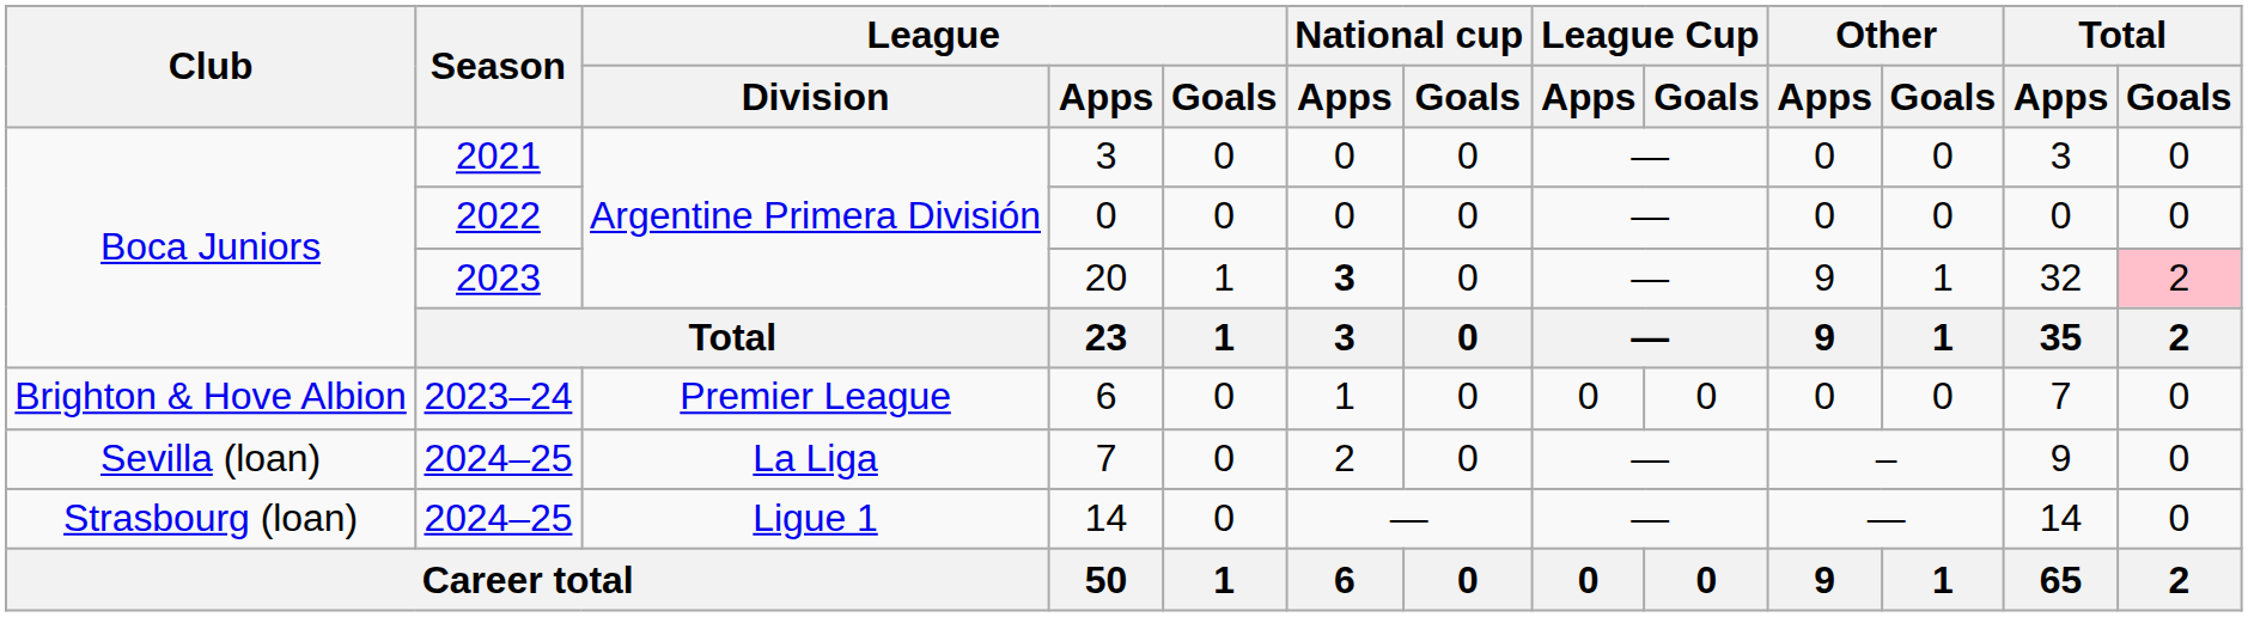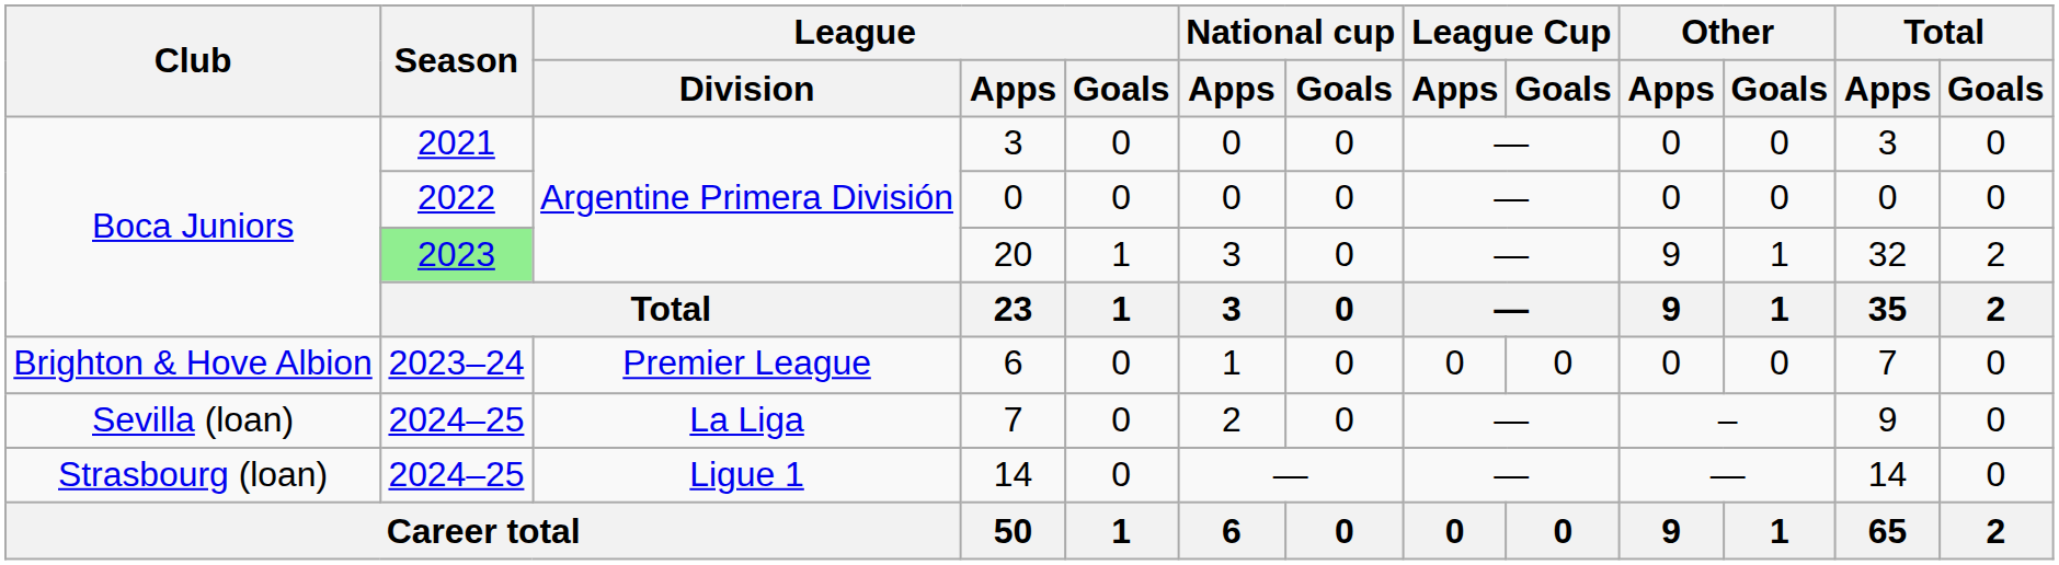 <table class="wikitable" style="text-align: center">
 <tr>
 <th rowspan="2">Club</th>
 <th rowspan="2">Season</th>
 <th colspan="3">League</th>
 <th colspan="2">National cup</th>
 <th colspan="2">League Cup</th>
 <th colspan="2">Other</th>
 <th colspan="2">Total</th>
 </tr>
 <tr>
 <th>Division</th>
 <th>Apps</th>
 <th>Goals</th>
 <th>Apps</th>
 <th>Goals</th>
 <th>Apps</th>
 <th>Goals</th>
 <th>Apps</th>
 <th>Goals</th>
 <th>Apps</th>
 <th>Goals</th>
 </tr>
 <tr>
 <td rowspan="4"><a href='#'>Boca Juniors</a></td>
 <td><a href='#'>2021</a></td>
 <td rowspan="3"><a href='#'>Argentine Primera División</a></td>
 <td>3</td>
 <td>0</td>
 <td>0</td>
 <td>0</td>
 <td colspan="2">—</td>
 <td>0</td>
 <td>0</td>
 <td>3</td>
 <td>0</td>
 </tr>
 <tr>
 <td><a href='#'>2022</a></td>
 <td>0</td>
 <td>0</td>
 <td>0</td>
 <td>0</td>
 <td colspan="2">—</td>
 <td>0</td>
 <td>0</td>
 <td>0</td>
 <td>0</td>
 </tr>
 <tr>
-<td><a href='#'>2023</a></td>
+<td style="background: lightgreen;"><a href='#'>2023</a></td>
 <td>20</td>
 <td>1</td>
-<td><strong>3</strong></td>
+<td>3</td>
 <td>0</td>
 <td colspan="2">—</td>
 <td>9</td>
 <td>1</td>
 <td>32</td>
-<td style="background: pink;">2</td>
+<td>2</td>
 </tr>
 <tr>
 <th colspan="2">Total</th>
 <th>23</th>
 <th>1</th>
 <th>3</th>
 <th>0</th>
 <th colspan="2">—</th>
 <th>9</th>
 <th>1</th>
 <th>35</th>
 <th>2</th>
 </tr>
 <tr>
 <td><a href='#'>Brighton & Hove Albion</a></td>
 <td><a href='#'>2023–24</a></td>
 <td><a href='#'>Premier League</a></td>
 <td>6</td>
 <td>0</td>
 <td>1</td>
 <td>0</td>
 <td>0</td>
 <td>0</td>
 <td>0</td>
 <td>0</td>
 <td>7</td>
 <td>0</td>
 </tr>
 <tr>
 <td><a href='#'>Sevilla</a> (loan)</td>
 <td><a href='#'>2024–25</a></td>
 <td><a href='#'>La Liga</a></td>
 <td>7</td>
 <td>0</td>
 <td>2</td>
 <td>0</td>
 <td colspan="2">—</td>
 <td colspan="2">–</td>
 <td>9</td>
 <td>0</td>
 </tr>
 <tr>
 <td><a href='#'>Strasbourg</a> (loan)</td>
 <td><a href='#'>2024–25</a></td>
 <td><a href='#'>Ligue 1</a></td>
 <td>14</td>
 <td>0</td>
 <td colspan="2">—</td>
 <td colspan="2">—</td>
 <td colspan="2">—</td>
 <td>14</td>
 <td>0</td>
 </tr>
 <tr>
 <th colspan="3">Career total</th>
 <th>50</th>
 <th>1</th>
 <th>6</th>
 <th>0</th>
 <th>0</th>
 <th>0</th>
 <th>9</th>
 <th>1</th>
 <th>65</th>
 <th>2</th>
 </tr>
 </table>
